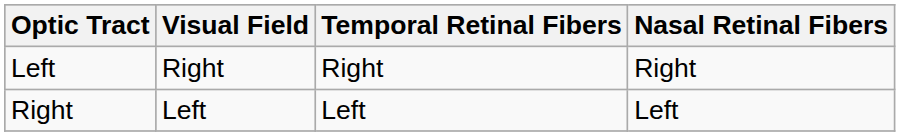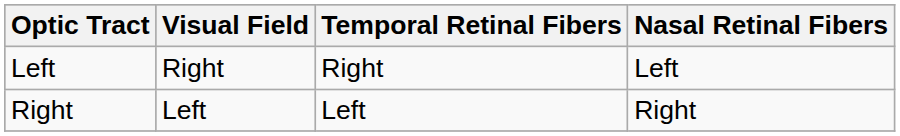 <table class="wikitable">
 <tr>
 <th>Optic Tract</th>
 <th>Visual Field</th>
 <th>Temporal Retinal Fibers</th>
 <th>Nasal Retinal Fibers</th>
 </tr>
 <tr>
 <td>Left</td>
 <td>Right</td>
 <td>Right</td>
-<td>Right</td>
+<td>Left</td>
 </tr>
 <tr>
 <td>Right</td>
 <td>Left</td>
 <td>Left</td>
-<td>Left</td>
+<td>Right</td>
 </tr>
 </table>
